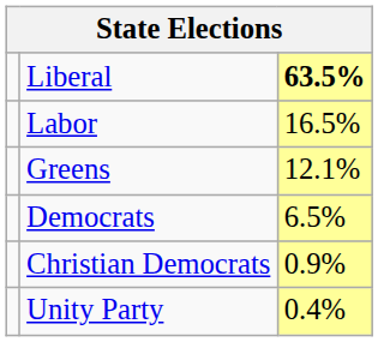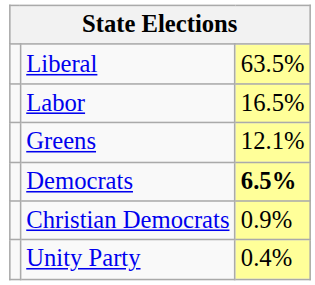 <table class="wikitable" style="float:right; clear:right; margin-left:1em">
 <tr>
 <th colspan=3>State Elections</th>
 </tr>
 <tr>
 <td></td>
 <td><a href='#'>Liberal</a></td>
-<td bgcolor="FFFF99"><strong>63.5%</strong></td>
+<td bgcolor="FFFF99">63.5%</td>
 </tr>
 <tr>
 <td></td>
 <td><a href='#'>Labor</a></td>
 <td bgcolor="FFFF99">16.5%</td>
 </tr>
 <tr>
 <td></td>
 <td><a href='#'>Greens</a></td>
 <td bgcolor="FFFF99">12.1%</td>
 </tr>
 <tr>
 <td></td>
 <td><a href='#'>Democrats</a></td>
-<td bgcolor="FFFF99">6.5%</td>
+<td bgcolor="FFFF99"><strong>6.5%</strong></td>
 </tr>
 <tr>
 <td></td>
 <td><a href='#'>Christian Democrats</a></td>
 <td bgcolor="FFFF99">0.9%</td>
 </tr>
 <tr>
 <td></td>
 <td><a href='#'>Unity Party</a></td>
 <td bgcolor="FFFF99">0.4%</td>
 </tr>
 </table>
